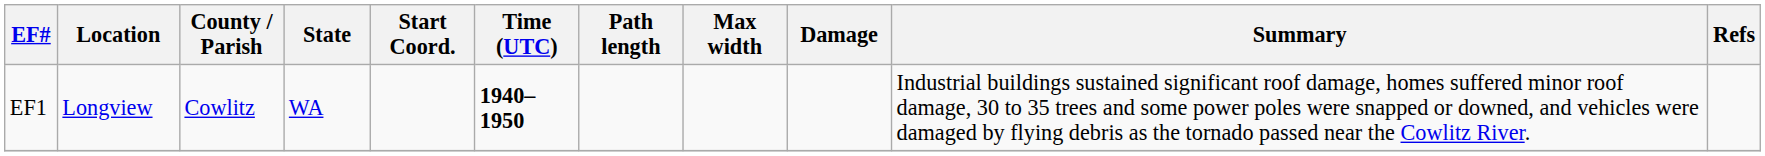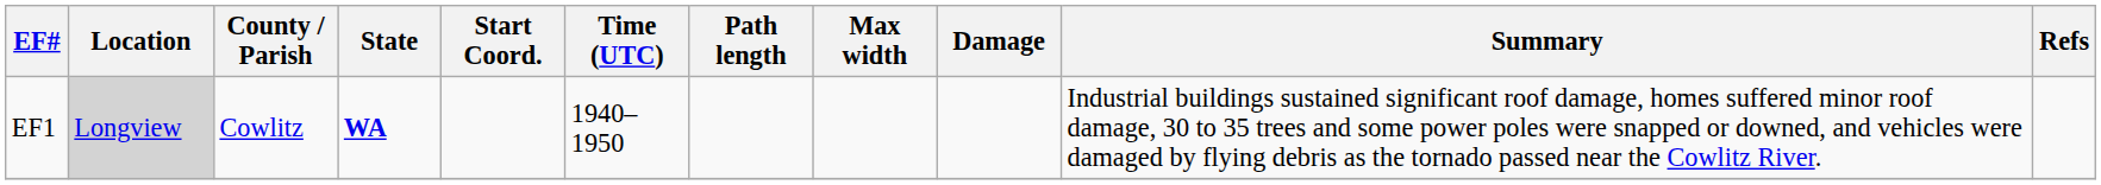 <table class="wikitable sortable" style="width:100%;">
 <tr>
 <th scope="col" width="3%" align="center"><a href='#'>EF#</a></th>
 <th scope="col" width="7%" align="center" class="unsortable">Location</th>
 <th scope="col" width="6%" align="center" class="unsortable">County / Parish</th>
 <th scope="col" width="5%" align="center">State</th>
 <th scope="col" width="6%" align="center">Start Coord.</th>
 <th scope="col" width="6%" align="center">Time (<a href='#'>UTC</a>)</th>
 <th scope="col" width="6%" align="center">Path length</th>
 <th scope="col" width="6%" align="center">Max width</th>
 <th scope="col" width="6%" align="center">Damage</th>
 <th scope="col" width="48%" class="unsortable" align="center">Summary</th>
 <th scope="col" width="48%" class="unsortable" align="center">Refs</th>
 </tr>
 <tr>
 <td>EF1</td>
-<td><a href='#'>Longview</a></td>
+<td style="background: lightgrey;"><a href='#'>Longview</a></td>
 <td><a href='#'>Cowlitz</a></td>
-<td><a href='#'>WA</a></td>
+<td><strong><a href='#'>WA</a></strong></td>
 <td></td>
-<td><strong>1940–1950</strong></td>
+<td>1940–1950</td>
 <td></td>
 <td></td>
 <td></td>
 <td>Industrial buildings sustained significant roof damage, homes suffered minor roof damage, 30 to 35 trees and some power poles were snapped or downed, and vehicles were damaged by flying debris as the tornado passed near the <a href='#'>Cowlitz River</a>.</td>
 <td></td>
 </tr>
 <tr>
 </tr>
 </table>
